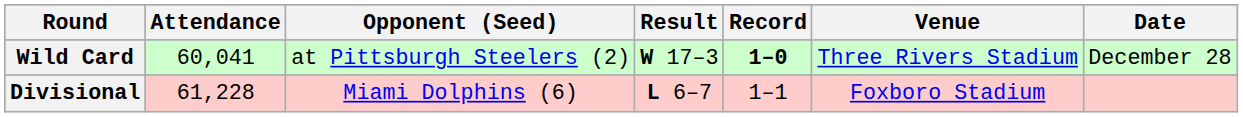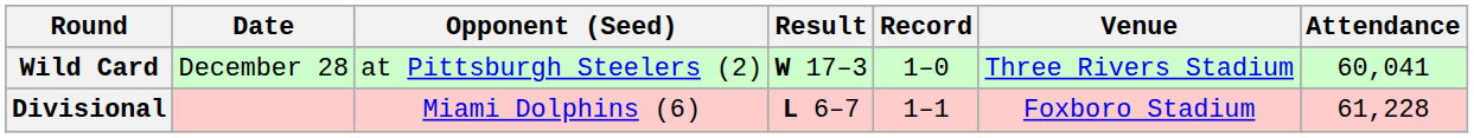 <table class="wikitable" style="text-align:center">
 <tr>
 <th>Round</th>
-<th>Attendance</th>
+<th>Date</th>
 <th>Opponent (Seed)</th>
 <th>Result</th>
 <th>Record</th>
 <th>Venue</th>
-<th>Date</th>
+<th>Attendance</th>
 </tr>
 <tr style="background:#cfc">
 <th>Wild Card</th>
-<td align=center>60,041</td>
+<td>December 28</td>
 <td>at <a href='#'>Pittsburgh Steelers</a> (2)</td>
 <td><strong>W</strong> 17–3</td>
-<td><strong>1–0</strong></td>
+<td>1–0</td>
 <td><a href='#'>Three Rivers Stadium</a></td>
-<td>December 28</td>
+<td align=center>60,041</td>
 </tr>
 <tr style="background:#fcc">
 <th>Divisional</th>
-<td align=center>61,228</td>
+<td></td>
 <td><a href='#'>Miami Dolphins</a> (6)</td>
 <td><strong>L</strong> 6–7</td>
 <td>1–1</td>
 <td><a href='#'>Foxboro Stadium</a></td>
-<td></td>
+<td align=center>61,228</td>
 </tr>
 </table>
